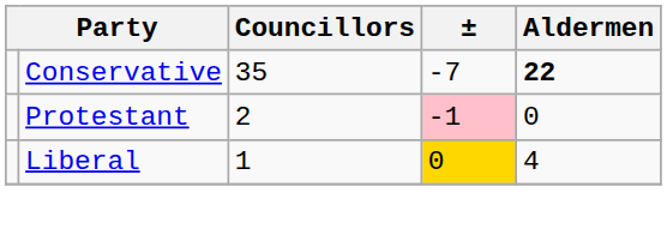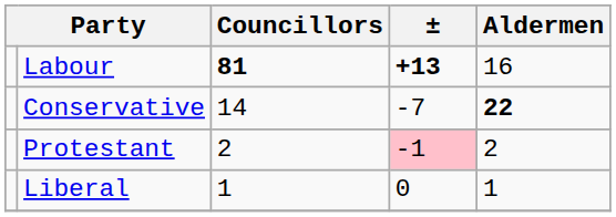 <table class="wikitable">
 <tr>
 <th colspan="2">Party</th>
 <th>Councillors</th>
 <th>  ±  </th>
 <th>Aldermen</th>
 </tr>
 <tr>
 <td style="background-color: "></td>
+<td><a href='#'>Labour</a></td>
+<td><strong>81</strong></td>
+<td><strong>+13</strong></td>
+<td>16</td>
+</tr>
+<tr>
+<td style="background-color: "></td>
 <td><a href='#'>Conservative</a></td>
-<td>35</td>
+<td>14</td>
 <td>-7</td>
 <td><strong>22</strong></td>
 </tr>
 <tr>
 <td style="background-color: "></td>
 <td><a href='#'>Protestant</a></td>
 <td>2</td>
 <td style="background: pink;">-1</td>
-<td>0</td>
+<td>2</td>
 </tr>
 <tr>
 <td style="background-color: "></td>
 <td><a href='#'>Liberal</a></td>
 <td>1</td>
-<td style="background: gold;">0</td>
-<td>4</td>
+<td>0</td>
+<td>1</td>
 </tr>
 <tr>
 </tr>
 </table>
